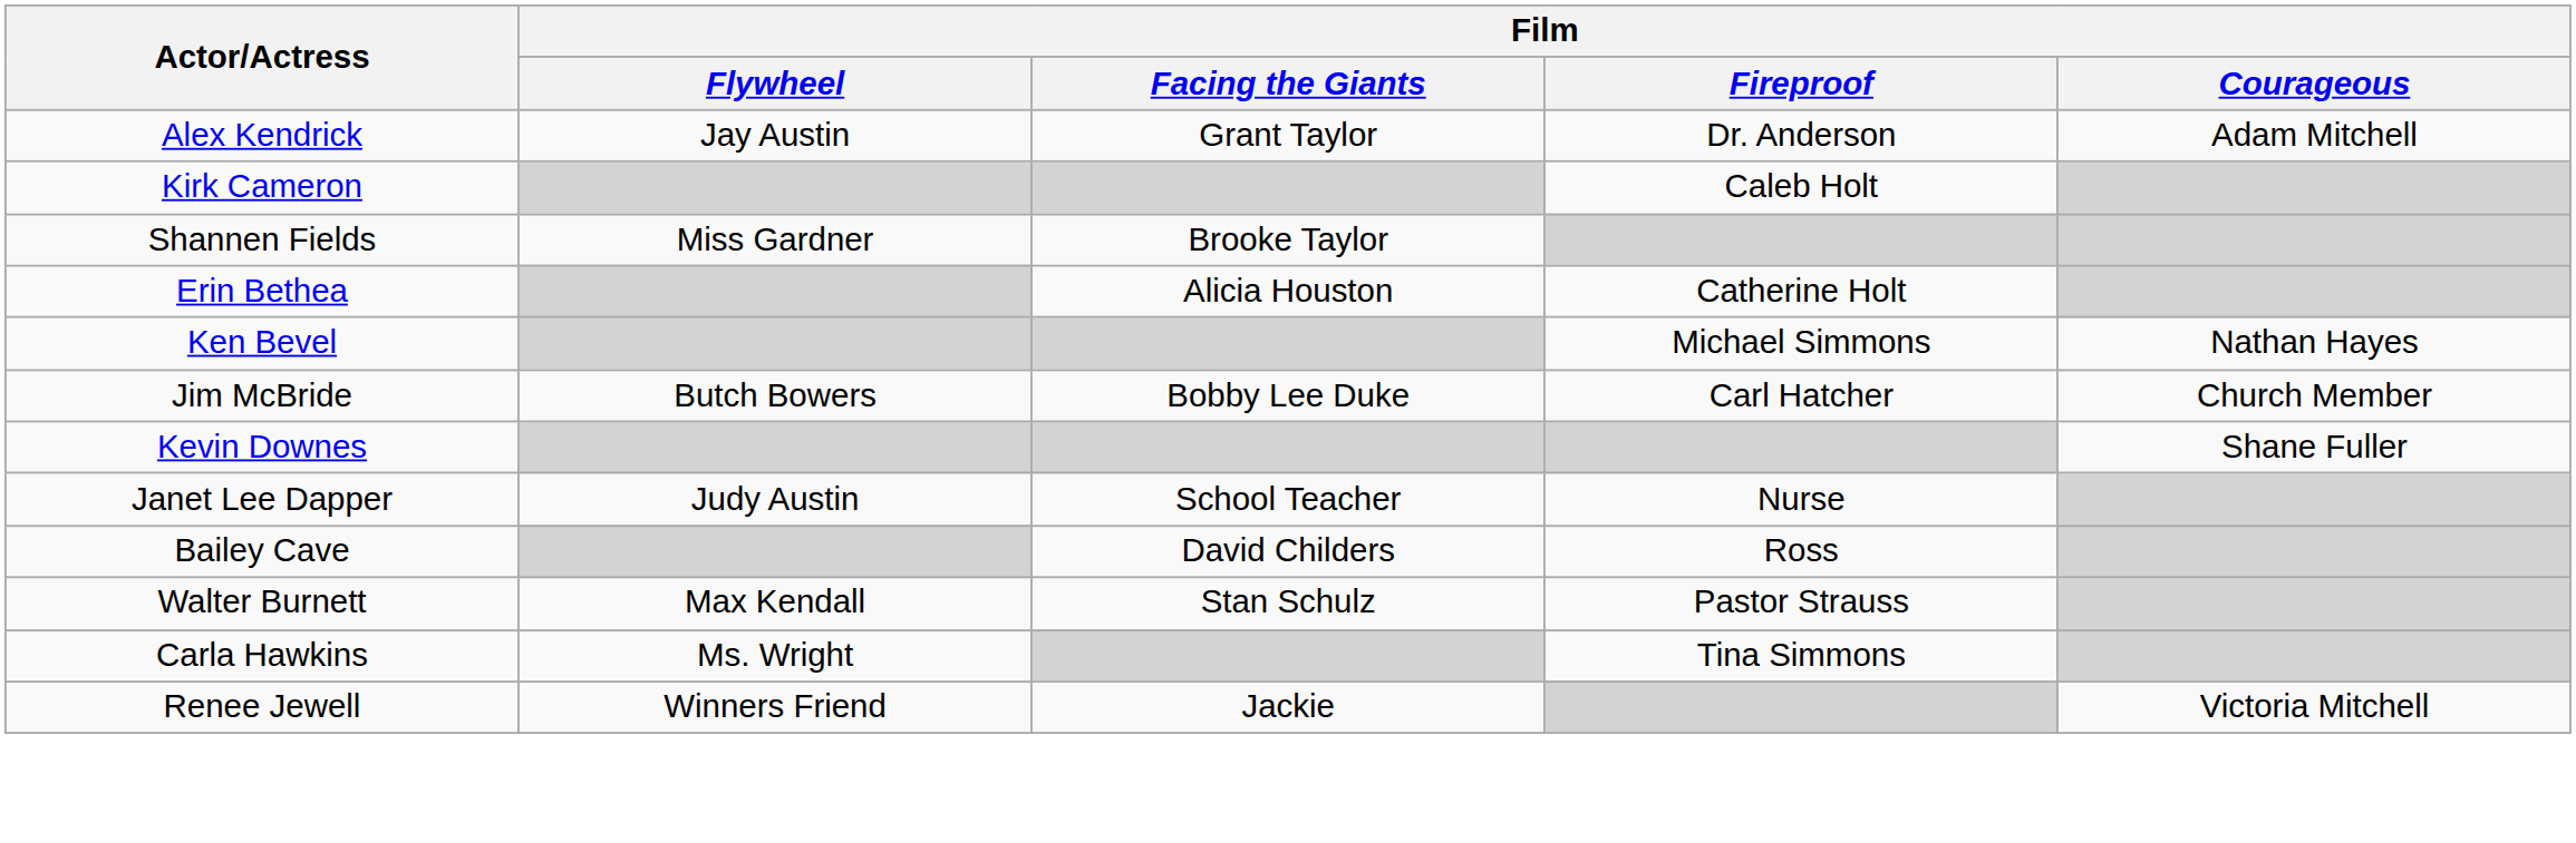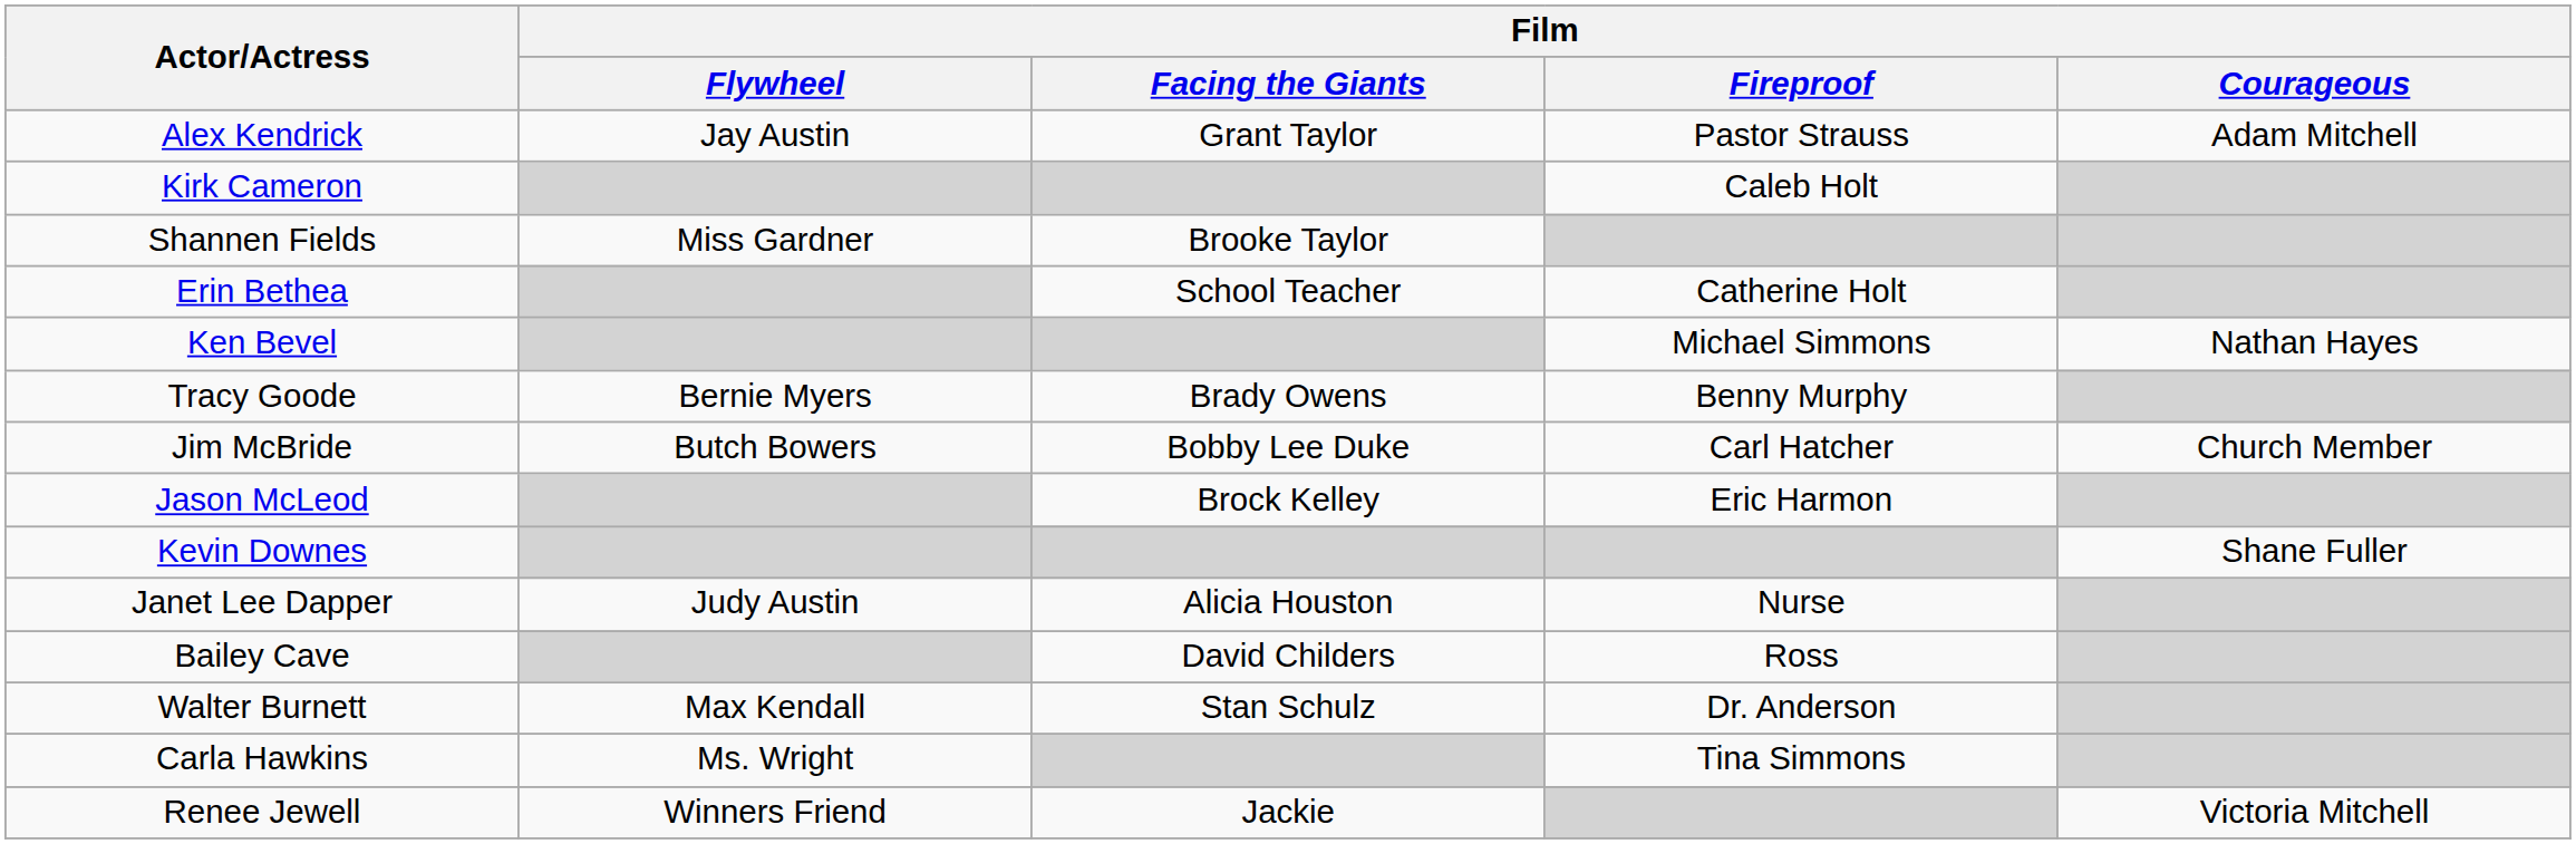 <table class="wikitable" border="1" style="text-align:center; width:99%;">
 <tr>
 <th rowspan="2" width="15%">Actor/Actress</th>
 <th colspan="4" align="center">Film</th>
 </tr>
 <tr>
 <th align="center" width="15%"><em><a href='#'>Flywheel</a></em></th>
 <th align="center" width="15%"><em><a href='#'>Facing the Giants</a></em></th>
 <th align="center" width="15%"><em><a href='#'>Fireproof</a></em></th>
 <th align="center" width="15%"><em><a href='#'>Courageous</a></em></th>
 </tr>
 <tr>
 <td><a href='#'>Alex Kendrick</a></td>
 <td colspan="1">Jay Austin</td>
 <td colspan="1">Grant Taylor</td>
-<td colspan="1">Dr. Anderson</td>
+<td colspan="1">Pastor Strauss</td>
 <td colspan="1">Adam Mitchell</td>
 </tr>
 <tr>
 <td><a href='#'>Kirk Cameron</a></td>
 <td colspan="1" style="background:#d3d3d3;"></td>
 <td colspan="1" style="background:#d3d3d3;"></td>
 <td colspan="1">Caleb Holt</td>
 <td colspan="1" style="background:#d3d3d3;"></td>
 </tr>
 <tr>
 <td>Shannen Fields</td>
 <td>Miss Gardner</td>
 <td>Brooke Taylor</td>
 <td colspan="1" style="background:#d3d3d3;"></td>
 <td colspan="1" style="background:#d3d3d3;"></td>
 </tr>
 <tr>
 <td><a href='#'>Erin Bethea</a></td>
 <td colspan="1" style="background:#d3d3d3;"></td>
-<td colspan="1">Alicia Houston</td>
+<td>School Teacher</td>
 <td colspan="1">Catherine Holt</td>
 <td colspan="1" style="background:#d3d3d3;"></td>
 </tr>
 <tr>
 <td><a href='#'>Ken Bevel</a></td>
 <td colspan="1" style="background:#d3d3d3;"></td>
 <td colspan="1" style="background:#d3d3d3;"></td>
 <td colspan="1">Michael Simmons</td>
 <td colspan="1">Nathan Hayes</td>
 </tr>
 <tr>
+<td>Tracy Goode</td>
+<td colspan="1">Bernie Myers</td>
+<td colspan="1">Brady Owens</td>
+<td colspan="1">Benny Murphy</td>
+<td colspan="1" style="background:#d3d3d3;"></td>
+</tr>
+<tr>
 <td>Jim McBride</td>
 <td>Butch Bowers</td>
 <td>Bobby Lee Duke</td>
 <td>Carl Hatcher</td>
 <td colspan="1">Church Member</td>
+</tr>
+<tr>
+<td><a href='#'>Jason McLeod</a></td>
+<td colspan="1" style="background:#d3d3d3;"></td>
+<td colspan="1">Brock Kelley</td>
+<td colspan="1">Eric Harmon</td>
+<td colspan="1" style="background:#d3d3d3;"></td>
 </tr>
 <tr>
 <td><a href='#'>Kevin Downes</a></td>
 <td colspan="1" style="background:#d3d3d3;"></td>
 <td colspan="1" style="background:#d3d3d3;"></td>
 <td colspan="1" style="background:#d3d3d3;"></td>
 <td>Shane Fuller</td>
 </tr>
 <tr>
 <td>Janet Lee Dapper</td>
 <td>Judy Austin</td>
-<td>School Teacher</td>
+<td colspan="1">Alicia Houston</td>
 <td>Nurse</td>
 <td colspan="1" style="background:#d3d3d3;"></td>
 </tr>
 <tr>
 <td>Bailey Cave</td>
 <td colspan="1" style="background:#d3d3d3;"></td>
 <td>David Childers</td>
 <td>Ross</td>
 <td colspan="1" style="background:#d3d3d3;"></td>
 </tr>
 <tr>
 <td>Walter Burnett</td>
 <td colspan="1">Max Kendall</td>
 <td colspan="1">Stan Schulz</td>
-<td colspan="1">Pastor Strauss</td>
+<td colspan="1">Dr. Anderson</td>
 <td colspan="1" style="background:#d3d3d3;"></td>
 </tr>
 <tr>
 <td>Carla Hawkins</td>
 <td colspan="1">Ms. Wright</td>
 <td colspan="1" style="background:#d3d3d3;"></td>
 <td colspan="1">Tina Simmons</td>
 <td colspan="1" style="background:#d3d3d3;"></td>
 </tr>
 <tr>
 <td>Renee Jewell</td>
 <td colspan="1">Winners Friend</td>
 <td colspan="1">Jackie</td>
 <td colspan="1" style="background:#d3d3d3;"></td>
 <td colspan="1">Victoria Mitchell</td>
 </tr>
 </table>
